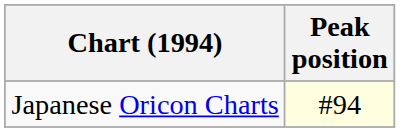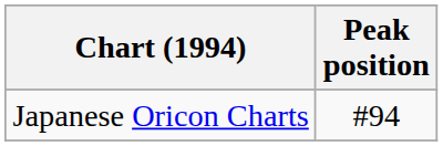 <table class="wikitable sortable">
 <tr>
 <th scope="col">Chart (1994)</th>
 <th scope="col">Peak <br>position</th>
 </tr>
 <tr>
 <td>Japanese <a href='#'>Oricon Charts</a></td>
-<td style="background: lightyellow; text-align:center;">#94</td>
+<td style="text-align:center;">#94</td>
 </tr>
 </table>
